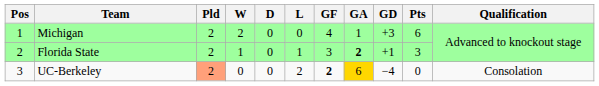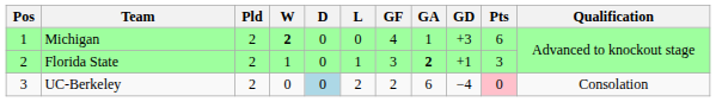 <table class="wikitable" style="text-align:center; margin: 1em auto">
 <tr>
 <th style="width:2em">Pos</th>
 <th style="width:13em">Team</th>
 <th style="width:2em">Pld</th>
 <th style="width:2em">W</th>
 <th style="width:2em">D</th>
 <th style="width:2em">L</th>
 <th style="width:2em">GF</th>
 <th style="width:2em">GA</th>
 <th style="width:2em">GD</th>
 <th style="width:2em">Pts</th>
 <th style="width:13em">Qualification</th>
 </tr>
 <tr bgcolor="#9eff9e">
 <td>1</td>
 <td style="text-align:left">Michigan</td>
 <td>2</td>
-<td>2</td>
+<td><strong>2</strong></td>
 <td>0</td>
 <td>0</td>
 <td>4</td>
 <td>1</td>
 <td>+3</td>
 <td>6</td>
 <td rowspan="2">Advanced to knockout stage</td>
 </tr>
 <tr bgcolor="#9eff9e">
 <td>2</td>
 <td style="text-align:left">Florida State</td>
 <td>2</td>
 <td>1</td>
 <td>0</td>
 <td>1</td>
 <td>3</td>
 <td><strong>2</strong></td>
 <td>+1</td>
 <td>3</td>
 </tr>
 <tr>
 <td>3</td>
 <td style="text-align:left">UC-Berkeley</td>
-<td style="background: lightsalmon;">2</td>
+<td>2</td>
 <td>0</td>
-<td>0</td>
+<td style="background: lightblue;">0</td>
 <td>2</td>
-<td><strong>2</strong></td>
-<td style="background: gold;">6</td>
+<td>2</td>
+<td>6</td>
 <td>−4</td>
-<td>0</td>
+<td style="background: pink;">0</td>
 <td>Consolation</td>
 </tr>
 </table>
